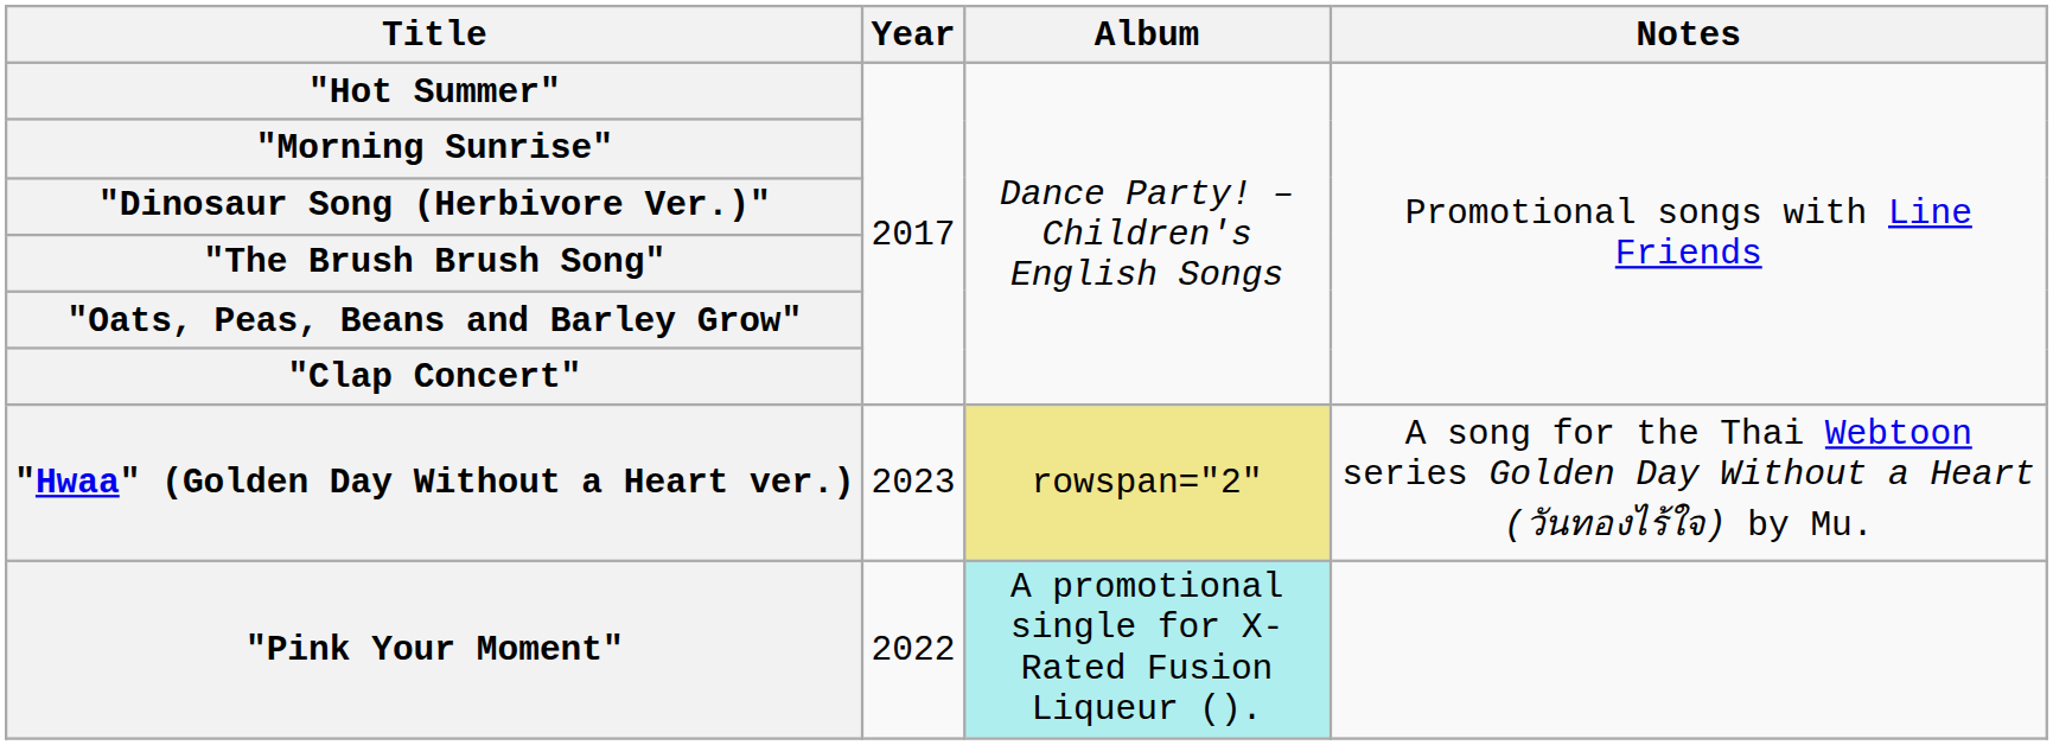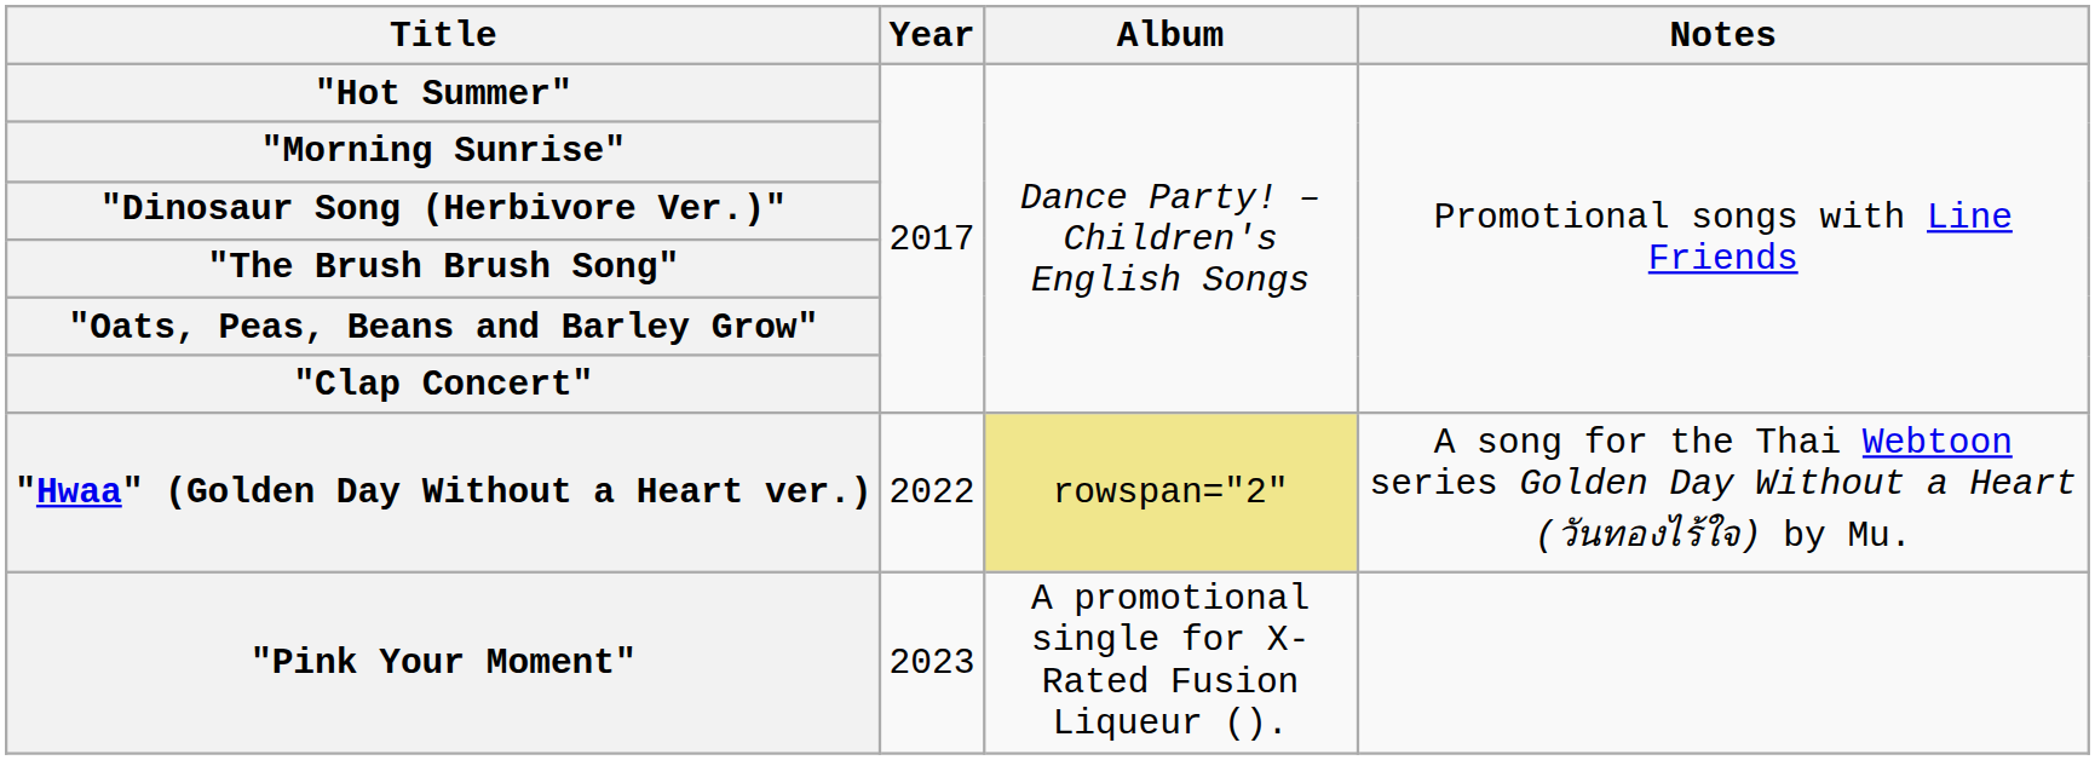 <table class="wikitable plainrowheaders" style="text-align:center">
 <tr>
 <th scope="col">Title</th>
 <th scope="col">Year</th>
 <th scope="col" style="width:10em">Album</th>
 <th scope="col" style="width:20em">Notes</th>
 </tr>
 <tr>
 <th scope="row">"Hot Summer"<br></th>
 <td rowspan="6">2017</td>
 <td rowspan="6"><em>Dance Party! – Children's English Songs</em></td>
 <td rowspan="6">Promotional songs with <a href='#'>Line Friends</a></td>
 </tr>
 <tr>
 <th scope="row">"Morning Sunrise"<br></th>
 </tr>
 <tr>
 <th scope="row">"Dinosaur Song (Herbivore Ver.)"<br></th>
 </tr>
 <tr>
 <th scope="row">"The Brush Brush Song"<br></th>
 </tr>
 <tr>
 <th scope="row">"Oats, Peas, Beans and Barley Grow"<br></th>
 </tr>
 <tr>
 <th scope="row">"Clap Concert"<br></th>
 </tr>
 <tr>
 <th scope="row">"<a href='#'>Hwaa</a>" (Golden Day Without a Heart ver.)</th>
-<td>2023</td>
+<td>2022</td>
 <td style="background: khaki;">rowspan="2" </td>
 <td>A song for the Thai <a href='#'>Webtoon</a> series <em>Golden Day Without a Heart (วันทองไร้ใจ)</em> by Mu.</td>
 </tr>
 <tr>
 <th scope="row">"Pink Your Moment"</th>
-<td>2022</td>
-<td style="background: paleturquoise;">A promotional single for X-Rated Fusion Liqueur ().</td>
+<td>2023</td>
+<td>A promotional single for X-Rated Fusion Liqueur ().</td>
 </tr>
 </table>
